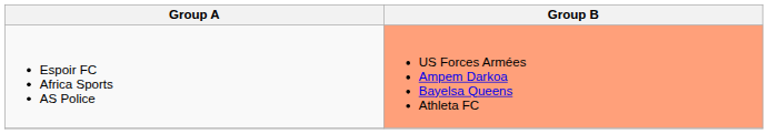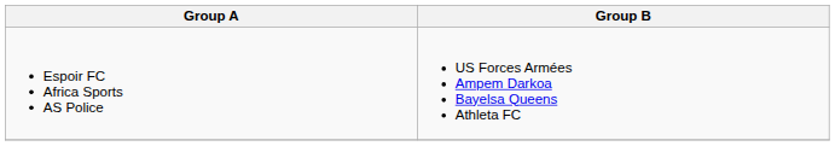 <table class="wikitable" style="width:75%;">
 <tr>
 <th width=25%>Group A</th>
 <th width=25%>Group B</th>
 </tr>
 <tr>
 <td><br><ul><li> Espoir FC</li><li> Africa Sports</li><li> AS Police</li></ul></td>
-<td style="background: lightsalmon;"><br><ul><li> US Forces Armées</li><li> <a href='#'>Ampem Darkoa</a></li><li> <a href='#'>Bayelsa Queens</a></li><li> Athleta FC</li></ul></td>
+<td><br><ul><li> US Forces Armées</li><li> <a href='#'>Ampem Darkoa</a></li><li> <a href='#'>Bayelsa Queens</a></li><li> Athleta FC</li></ul></td>
 </tr>
 <tr>
 </tr>
 </table>
